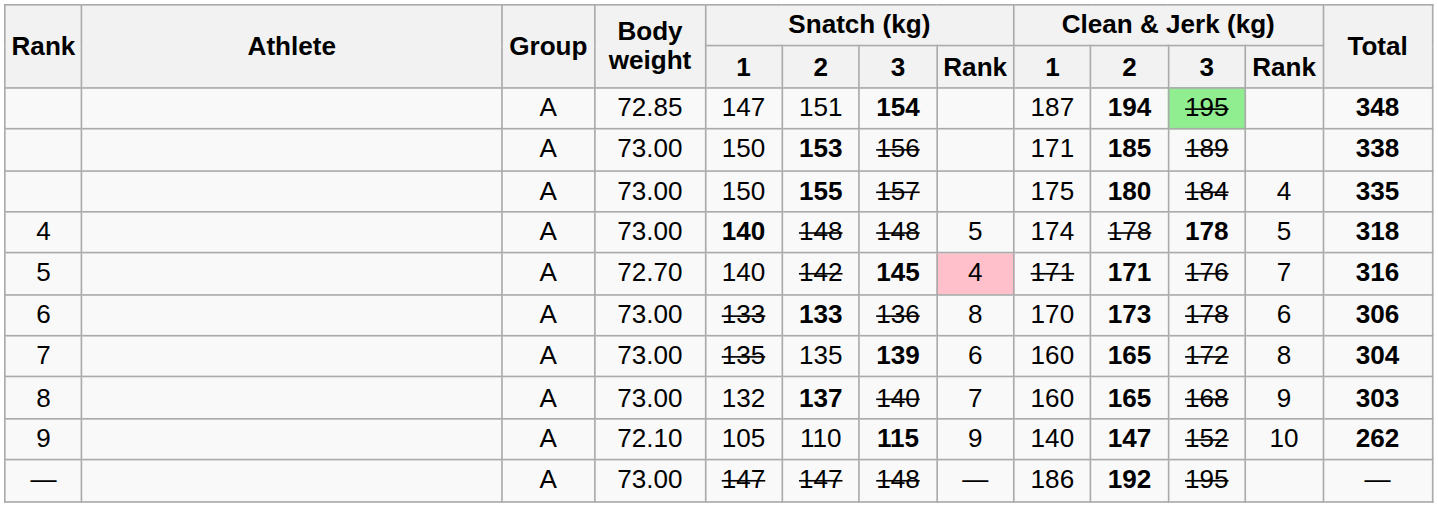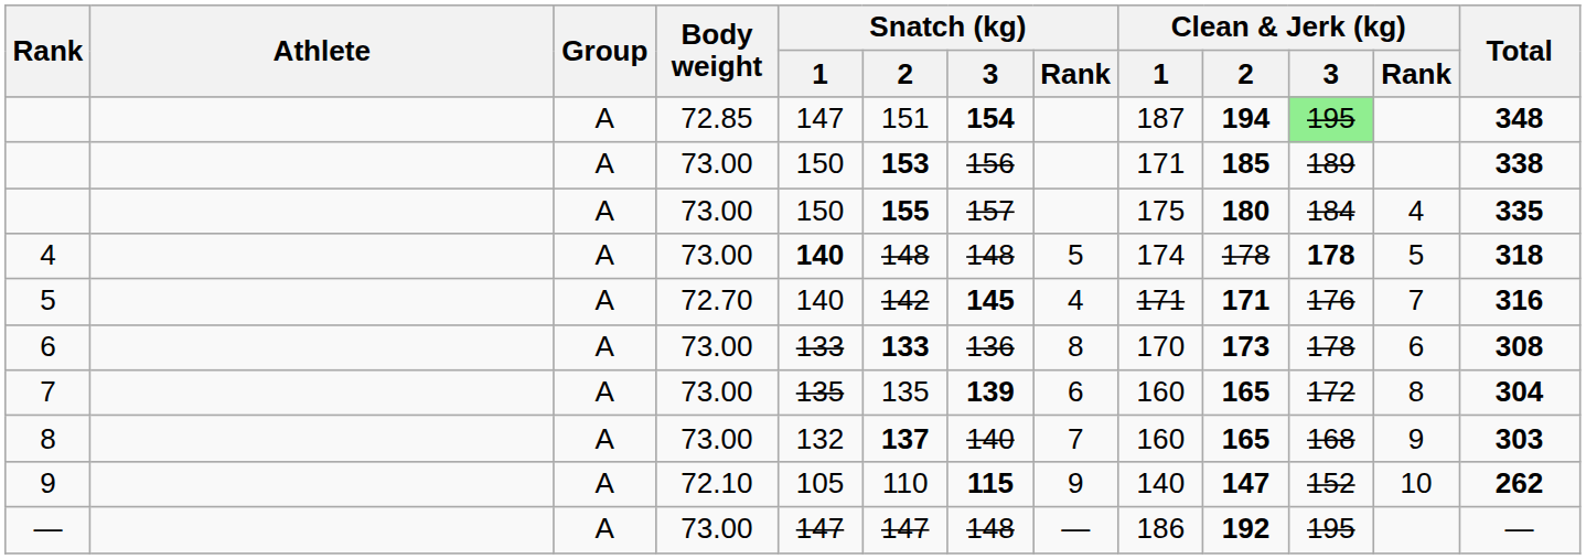 <table class = "wikitable" style="text-align:center;">
 <tr>
 <th rowspan=2 width=40>Rank</th>
 <th rowspan=2 width=250>Athlete</th>
 <th rowspan=2 width=50>Group</th>
 <th rowspan=2 width=60>Body weight</th>
 <th colspan=4>Snatch (kg)</th>
 <th colspan=4>Clean & Jerk (kg)</th>
 <th rowspan=2 width=60>Total</th>
 </tr>
 <tr>
 <th width=40>1</th>
 <th width=40>2</th>
 <th width=40>3</th>
 <th width=40>Rank</th>
 <th width=40>1</th>
 <th width=40>2</th>
 <th width=40>3</th>
 <th width=40>Rank</th>
 </tr>
 <tr>
 <td></td>
 <td align=left></td>
 <td>A</td>
 <td>72.85</td>
 <td>147</td>
 <td>151</td>
 <td><strong>154</strong></td>
 <td></td>
 <td>187</td>
 <td><strong>194</strong></td>
 <td style="background: lightgreen;"><s>195</s></td>
 <td></td>
 <td><strong>348</strong></td>
 </tr>
 <tr>
 <td></td>
 <td align=left></td>
 <td>A</td>
 <td>73.00</td>
 <td>150</td>
 <td><strong>153</strong></td>
 <td><s>156</s></td>
 <td></td>
 <td>171</td>
 <td><strong>185</strong></td>
 <td><s>189</s></td>
 <td></td>
 <td><strong>338</strong></td>
 </tr>
 <tr>
 <td></td>
 <td align=left></td>
 <td>A</td>
 <td>73.00</td>
 <td>150</td>
 <td><strong>155</strong></td>
 <td><s>157</s></td>
 <td></td>
 <td>175</td>
 <td><strong>180</strong></td>
 <td><s>184</s></td>
 <td>4</td>
 <td><strong>335</strong></td>
 </tr>
 <tr>
 <td>4</td>
 <td align=left></td>
 <td>A</td>
 <td>73.00</td>
 <td><strong>140</strong></td>
 <td><s>148</s></td>
 <td><s>148</s></td>
 <td>5</td>
 <td>174</td>
 <td><s>178</s></td>
 <td><strong>178</strong></td>
 <td>5</td>
 <td><strong>318</strong></td>
 </tr>
 <tr>
 <td>5</td>
 <td align=left></td>
 <td>A</td>
 <td>72.70</td>
 <td>140</td>
 <td><s>142</s></td>
 <td><strong>145</strong></td>
-<td style="background: pink;">4</td>
+<td>4</td>
 <td><s>171</s></td>
 <td><strong>171</strong></td>
 <td><s>176</s></td>
 <td>7</td>
 <td><strong>316</strong></td>
 </tr>
 <tr>
 <td>6</td>
 <td align=left></td>
 <td>A</td>
 <td>73.00</td>
 <td><s>133</s></td>
 <td><strong>133</strong></td>
 <td><s>136</s></td>
 <td>8</td>
 <td>170</td>
 <td><strong>173</strong></td>
 <td><s>178</s></td>
 <td>6</td>
-<td><strong>306</strong></td>
+<td><strong>308</strong></td>
 </tr>
 <tr>
 <td>7</td>
 <td align=left></td>
 <td>A</td>
 <td>73.00</td>
 <td><s>135</s></td>
 <td>135</td>
 <td><strong>139</strong></td>
 <td>6</td>
 <td>160</td>
 <td><strong>165</strong></td>
 <td><s>172</s></td>
 <td>8</td>
 <td><strong>304</strong></td>
 </tr>
 <tr>
 <td>8</td>
 <td align=left></td>
 <td>A</td>
 <td>73.00</td>
 <td>132</td>
 <td><strong>137</strong></td>
 <td><s>140</s></td>
 <td>7</td>
 <td>160</td>
 <td><strong>165</strong></td>
 <td><s>168</s></td>
 <td>9</td>
 <td><strong>303</strong></td>
 </tr>
 <tr>
 <td>9</td>
 <td align=left></td>
 <td>A</td>
 <td>72.10</td>
 <td>105</td>
 <td>110</td>
 <td><strong>115</strong></td>
 <td>9</td>
 <td>140</td>
 <td><strong>147</strong></td>
 <td><s>152</s></td>
 <td>10</td>
 <td><strong>262</strong></td>
 </tr>
 <tr>
 <td>—</td>
 <td align=left></td>
 <td>A</td>
 <td>73.00</td>
 <td><s>147</s></td>
 <td><s>147</s></td>
 <td><s>148</s></td>
 <td>—</td>
 <td>186</td>
 <td><strong>192</strong></td>
 <td><s>195</s></td>
 <td></td>
 <td>—</td>
 </tr>
 </table>
